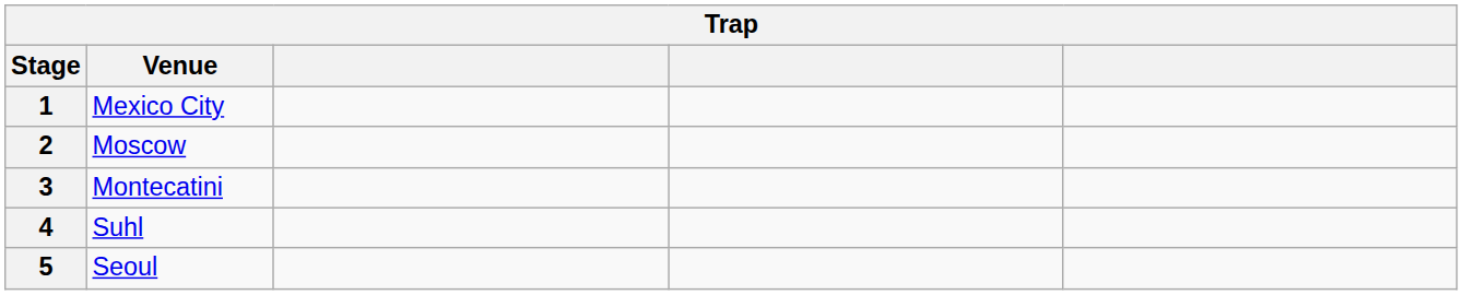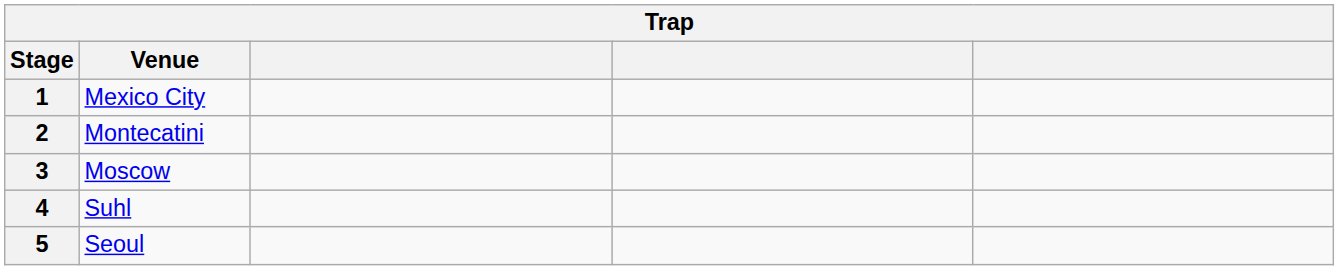 <table class="wikitable">
 <tr>
 <th colspan="5">Trap</th>
 </tr>
 <tr>
 <th>Stage</th>
 <th width=110>Venue</th>
 <th width=240></th>
 <th width=240></th>
 <th width=240></th>
 </tr>
 <tr>
 <th>1</th>
 <td> <a href='#'>Mexico City</a></td>
 <td></td>
 <td></td>
 <td></td>
 </tr>
 <tr>
 <th>2</th>
-<td> <a href='#'>Moscow</a></td>
+<td> <a href='#'>Montecatini</a></td>
 <td></td>
 <td></td>
 <td></td>
 </tr>
 <tr>
 <th>3</th>
-<td> <a href='#'>Montecatini</a></td>
+<td> <a href='#'>Moscow</a></td>
 <td></td>
 <td></td>
 <td></td>
 </tr>
 <tr>
 <th>4</th>
 <td> <a href='#'>Suhl</a></td>
 <td></td>
 <td></td>
 <td></td>
 </tr>
 <tr>
 <th>5</th>
 <td> <a href='#'>Seoul</a></td>
 <td></td>
 <td></td>
 <td></td>
 </tr>
 </table>
